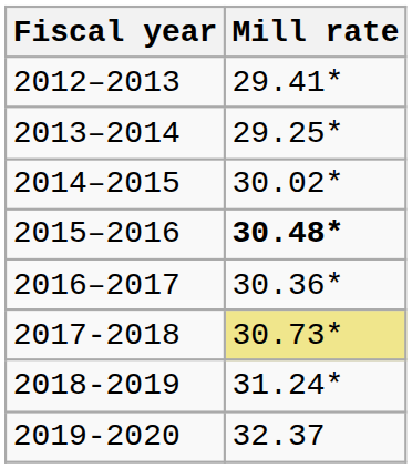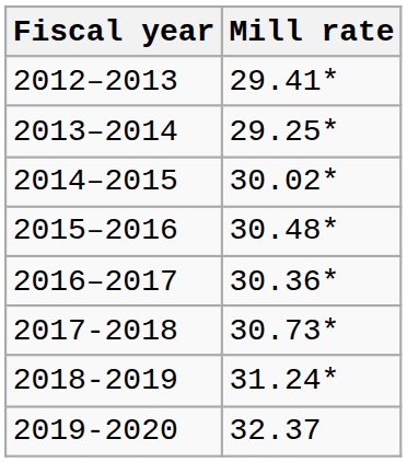 <table class="wikitable" style="display: inline-table;">
 <tr>
 <th>Fiscal year</th>
 <th>Mill rate</th>
 </tr>
 <tr>
 <td>2012–2013</td>
 <td>29.41*</td>
 </tr>
 <tr>
 <td>2013–2014</td>
 <td>29.25*</td>
 </tr>
 <tr>
 <td>2014–2015</td>
 <td>30.02*</td>
 </tr>
 <tr>
 <td>2015–2016</td>
-<td><strong>30.48*</strong></td>
+<td>30.48*</td>
 </tr>
 <tr>
 <td>2016–2017</td>
 <td>30.36*</td>
 </tr>
 <tr>
 <td>2017-2018</td>
-<td style="background: khaki;">30.73*</td>
+<td>30.73*</td>
 </tr>
 <tr>
 <td>2018-2019</td>
 <td>31.24*</td>
 </tr>
 <tr>
 <td>2019-2020</td>
 <td>32.37</td>
 </tr>
 </table>
